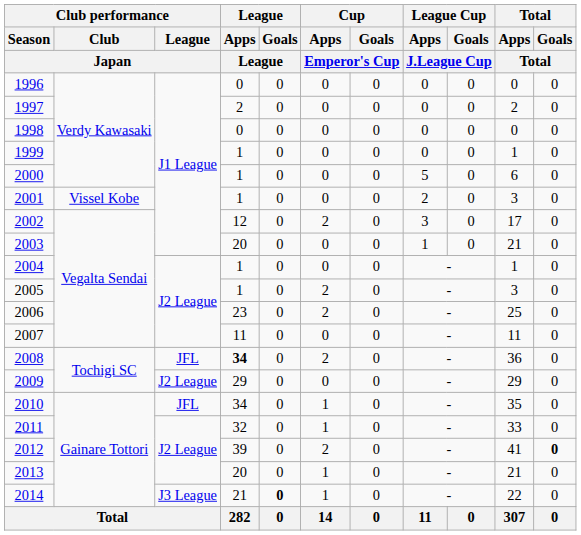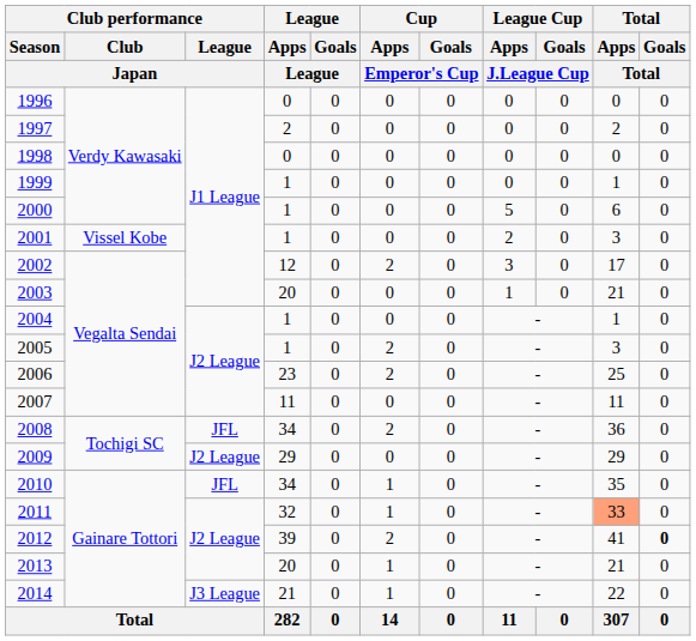 <table class="wikitable" style="text-align:center;">
 <tr>
 <th colspan=3>Club performance</th>
 <th colspan=2>League</th>
 <th colspan=2>Cup</th>
 <th colspan=2>League Cup</th>
 <th colspan=2>Total</th>
 </tr>
 <tr>
 <th>Season</th>
 <th>Club</th>
 <th>League</th>
 <th>Apps</th>
 <th>Goals</th>
 <th>Apps</th>
 <th>Goals</th>
 <th>Apps</th>
 <th>Goals</th>
 <th>Apps</th>
 <th>Goals</th>
 </tr>
 <tr>
 <th colspan=3>Japan</th>
 <th colspan=2>League</th>
 <th colspan=2><a href='#'>Emperor's Cup</a></th>
 <th colspan=2><a href='#'>J.League Cup</a></th>
 <th colspan=2>Total</th>
 </tr>
 <tr>
 <td><a href='#'>1996</a></td>
 <td rowspan="5"><a href='#'>Verdy Kawasaki</a></td>
 <td rowspan="8"><a href='#'>J1 League</a></td>
 <td>0</td>
 <td>0</td>
 <td>0</td>
 <td>0</td>
 <td>0</td>
 <td>0</td>
 <td>0</td>
 <td>0</td>
 </tr>
 <tr>
 <td><a href='#'>1997</a></td>
 <td>2</td>
 <td>0</td>
 <td>0</td>
 <td>0</td>
 <td>0</td>
 <td>0</td>
 <td>2</td>
 <td>0</td>
 </tr>
 <tr>
 <td><a href='#'>1998</a></td>
 <td>0</td>
 <td>0</td>
 <td>0</td>
 <td>0</td>
 <td>0</td>
 <td>0</td>
 <td>0</td>
 <td>0</td>
 </tr>
 <tr>
 <td><a href='#'>1999</a></td>
 <td>1</td>
 <td>0</td>
 <td>0</td>
 <td>0</td>
 <td>0</td>
 <td>0</td>
 <td>1</td>
 <td>0</td>
 </tr>
 <tr>
 <td><a href='#'>2000</a></td>
 <td>1</td>
 <td>0</td>
 <td>0</td>
 <td>0</td>
 <td>5</td>
 <td>0</td>
 <td>6</td>
 <td>0</td>
 </tr>
 <tr>
 <td><a href='#'>2001</a></td>
 <td><a href='#'>Vissel Kobe</a></td>
 <td>1</td>
 <td>0</td>
 <td>0</td>
 <td>0</td>
 <td>2</td>
 <td>0</td>
 <td>3</td>
 <td>0</td>
 </tr>
 <tr>
 <td><a href='#'>2002</a></td>
 <td rowspan="6"><a href='#'>Vegalta Sendai</a></td>
 <td>12</td>
 <td>0</td>
 <td>2</td>
 <td>0</td>
 <td>3</td>
 <td>0</td>
 <td>17</td>
 <td>0</td>
 </tr>
 <tr>
 <td><a href='#'>2003</a></td>
 <td>20</td>
 <td>0</td>
 <td>0</td>
 <td>0</td>
 <td>1</td>
 <td>0</td>
 <td>21</td>
 <td>0</td>
 </tr>
 <tr>
 <td><a href='#'>2004</a></td>
 <td rowspan="4"><a href='#'>J2 League</a></td>
 <td>1</td>
 <td>0</td>
 <td>0</td>
 <td>0</td>
 <td colspan="2">-</td>
 <td>1</td>
 <td>0</td>
 </tr>
 <tr>
 <td>2005</td>
 <td>1</td>
 <td>0</td>
 <td>2</td>
 <td>0</td>
 <td colspan="2">-</td>
 <td>3</td>
 <td>0</td>
 </tr>
 <tr>
 <td>2006</td>
 <td>23</td>
 <td>0</td>
 <td>2</td>
 <td>0</td>
 <td colspan="2">-</td>
 <td>25</td>
 <td>0</td>
 </tr>
 <tr>
 <td>2007</td>
 <td>11</td>
 <td>0</td>
 <td>0</td>
 <td>0</td>
 <td colspan="2">-</td>
 <td>11</td>
 <td>0</td>
 </tr>
 <tr>
 <td><a href='#'>2008</a></td>
 <td rowspan="2"><a href='#'>Tochigi SC</a></td>
 <td><a href='#'>JFL</a></td>
-<td><strong>34</strong></td>
+<td>34</td>
 <td>0</td>
 <td>2</td>
 <td>0</td>
 <td colspan="2">-</td>
 <td>36</td>
 <td>0</td>
 </tr>
 <tr>
 <td><a href='#'>2009</a></td>
 <td><a href='#'>J2 League</a></td>
 <td>29</td>
 <td>0</td>
 <td>0</td>
 <td>0</td>
 <td colspan="2">-</td>
 <td>29</td>
 <td>0</td>
 </tr>
 <tr>
 <td><a href='#'>2010</a></td>
 <td rowspan="5"><a href='#'>Gainare Tottori</a></td>
 <td><a href='#'>JFL</a></td>
 <td>34</td>
 <td>0</td>
 <td>1</td>
 <td>0</td>
 <td colspan="2">-</td>
 <td>35</td>
 <td>0</td>
 </tr>
 <tr>
 <td><a href='#'>2011</a></td>
 <td rowspan="3"><a href='#'>J2 League</a></td>
 <td>32</td>
 <td>0</td>
 <td>1</td>
 <td>0</td>
 <td colspan="2">-</td>
-<td>33</td>
+<td style="background: lightsalmon;">33</td>
 <td>0</td>
 </tr>
 <tr>
 <td><a href='#'>2012</a></td>
 <td>39</td>
 <td>0</td>
 <td>2</td>
 <td>0</td>
 <td colspan="2">-</td>
 <td>41</td>
 <td><strong>0</strong></td>
 </tr>
 <tr>
 <td><a href='#'>2013</a></td>
 <td>20</td>
 <td>0</td>
 <td>1</td>
 <td>0</td>
 <td colspan="2">-</td>
 <td>21</td>
 <td>0</td>
 </tr>
 <tr>
 <td><a href='#'>2014</a></td>
 <td><a href='#'>J3 League</a></td>
 <td>21</td>
-<td><strong>0</strong></td>
+<td>0</td>
 <td>1</td>
 <td>0</td>
 <td colspan="2">-</td>
 <td>22</td>
 <td>0</td>
 </tr>
 <tr>
 <th colspan=3>Total</th>
 <th>282</th>
 <th>0</th>
 <th>14</th>
 <th>0</th>
 <th>11</th>
 <th>0</th>
 <th>307</th>
 <th>0</th>
 </tr>
 </table>
